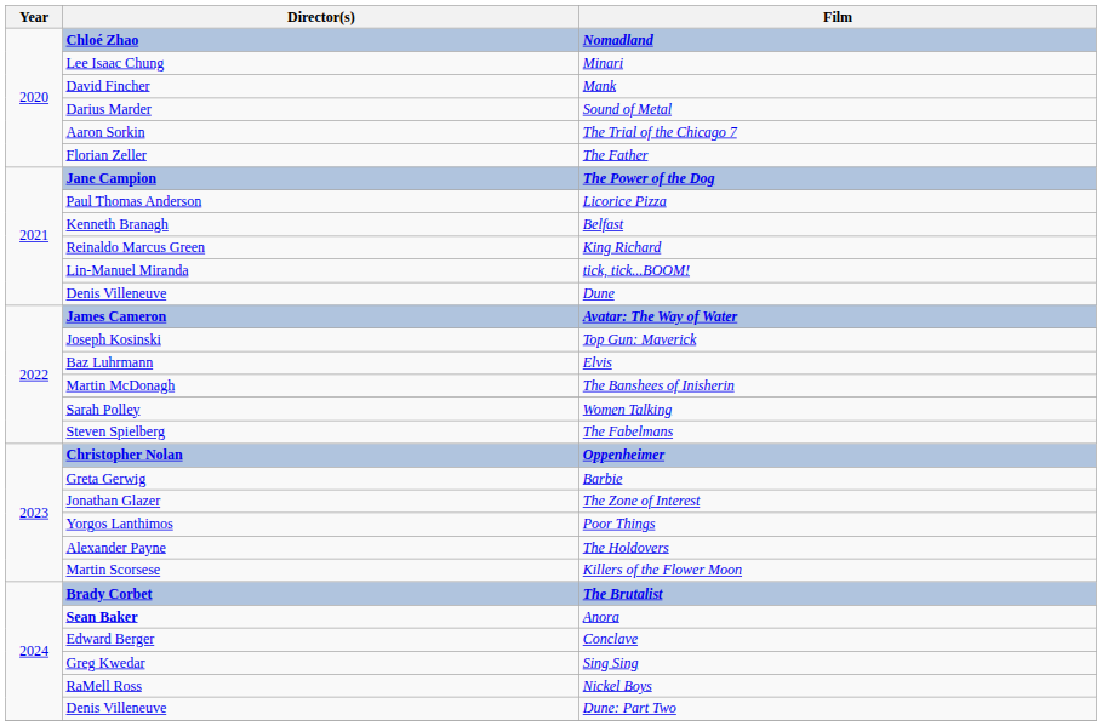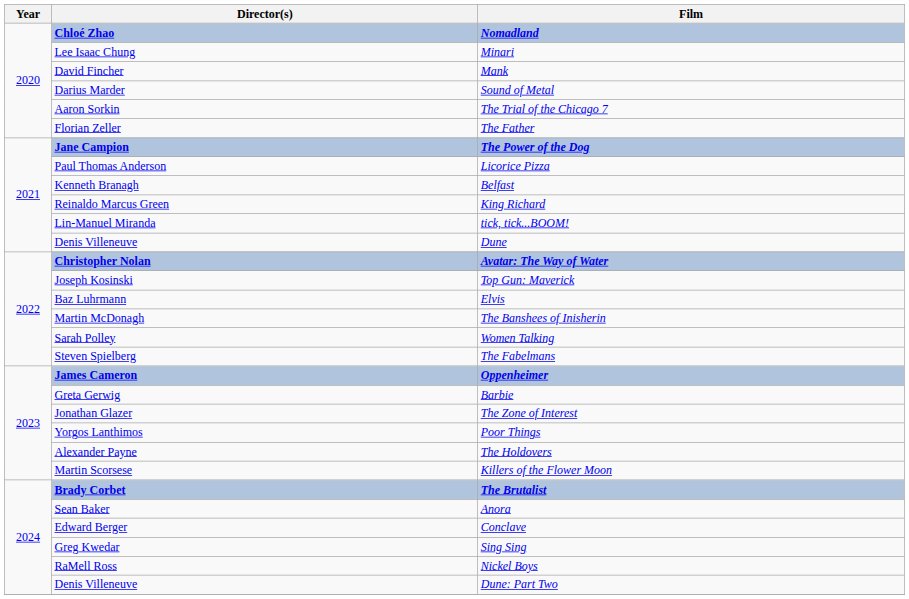 <table class="wikitable" style="width:95%;" cellpadding="5">
 <tr>
 <th style="width:5%;">Year</th>
 <th style="width:45%;">Director(s)</th>
 <th style="width:45%;">Film</th>
 </tr>
 <tr>
 <td rowspan="6" style="text-align:center;"><a href='#'>2020</a><br></td>
 <td style="background:#B0C4DE;"><strong><a href='#'>Chloé Zhao</a></strong></td>
 <td style="background:#B0C4DE;"><strong><em><a href='#'>Nomadland</a></em></strong></td>
 </tr>
 <tr>
 <td><a href='#'>Lee Isaac Chung</a></td>
 <td><em><a href='#'>Minari</a></em></td>
 </tr>
 <tr>
 <td><a href='#'>David Fincher</a></td>
 <td><em><a href='#'>Mank</a></em></td>
 </tr>
 <tr>
 <td><a href='#'>Darius Marder</a></td>
 <td><em><a href='#'>Sound of Metal</a></em></td>
 </tr>
 <tr>
 <td><a href='#'>Aaron Sorkin</a></td>
 <td><em><a href='#'>The Trial of the Chicago 7</a></em></td>
 </tr>
 <tr>
 <td><a href='#'>Florian Zeller</a></td>
 <td><em><a href='#'>The Father</a></em></td>
 </tr>
 <tr>
 <td rowspan="6" style="text-align:center;"><a href='#'>2021</a><br></td>
 <td style="background:#B0C4DE;"><strong><a href='#'>Jane Campion</a></strong></td>
 <td style="background:#B0C4DE;"><strong><em><a href='#'>The Power of the Dog</a></em></strong></td>
 </tr>
 <tr>
 <td><a href='#'>Paul Thomas Anderson</a></td>
 <td><em><a href='#'>Licorice Pizza</a></em></td>
 </tr>
 <tr>
 <td><a href='#'>Kenneth Branagh</a></td>
 <td><em><a href='#'>Belfast</a></em></td>
 </tr>
 <tr>
 <td><a href='#'>Reinaldo Marcus Green</a></td>
 <td><em><a href='#'>King Richard</a></em></td>
 </tr>
 <tr>
 <td><a href='#'>Lin-Manuel Miranda</a></td>
 <td><em><a href='#'>tick, tick...BOOM!</a></em></td>
 </tr>
 <tr>
 <td><a href='#'>Denis Villeneuve</a></td>
 <td><em><a href='#'>Dune</a></em></td>
 </tr>
 <tr>
 <td rowspan="6" style="text-align:center;"><a href='#'>2022</a><br></td>
-<td style="background:#B0C4DE;"><strong><a href='#'>James Cameron</a></strong></td>
+<td style="background:#B0C4DE;"><strong><a href='#'>Christopher Nolan</a></strong></td>
 <td style="background:#B0C4DE;"><strong><em><a href='#'>Avatar: The Way of Water</a></em></strong></td>
 </tr>
 <tr>
 <td><a href='#'>Joseph Kosinski</a></td>
 <td><em><a href='#'>Top Gun: Maverick</a></em></td>
 </tr>
 <tr>
 <td><a href='#'>Baz Luhrmann</a></td>
 <td><em><a href='#'>Elvis</a></em></td>
 </tr>
 <tr>
 <td><a href='#'>Martin McDonagh</a></td>
 <td><em><a href='#'>The Banshees of Inisherin</a></em></td>
 </tr>
 <tr>
 <td><a href='#'>Sarah Polley</a></td>
 <td><em><a href='#'>Women Talking</a></em></td>
 </tr>
 <tr>
 <td><a href='#'>Steven Spielberg</a></td>
 <td><em><a href='#'>The Fabelmans</a></em></td>
 </tr>
 <tr>
 <td rowspan="6" style="text-align:center;"><a href='#'>2023</a><br></td>
-<td style="background:#B0C4DE;"><strong><a href='#'>Christopher Nolan</a></strong></td>
+<td style="background:#B0C4DE;"><strong><a href='#'>James Cameron</a></strong></td>
 <td style="background:#B0C4DE;"><strong><em><a href='#'>Oppenheimer</a></em></strong></td>
 </tr>
 <tr>
 <td><a href='#'>Greta Gerwig</a></td>
 <td><em><a href='#'>Barbie</a></em></td>
 </tr>
 <tr>
 <td><a href='#'>Jonathan Glazer</a></td>
 <td><em><a href='#'>The Zone of Interest</a></em></td>
 </tr>
 <tr>
 <td><a href='#'>Yorgos Lanthimos</a></td>
 <td><em><a href='#'>Poor Things</a></em></td>
 </tr>
 <tr>
 <td><a href='#'>Alexander Payne</a></td>
 <td><em><a href='#'>The Holdovers</a></em></td>
 </tr>
 <tr>
 <td><a href='#'>Martin Scorsese</a></td>
 <td><em><a href='#'>Killers of the Flower Moon</a></em></td>
 </tr>
 <tr>
 <td rowspan="6" style="text-align:center;"><a href='#'>2024</a><br></td>
 <td style="background:#B0C4DE;"><strong><a href='#'>Brady Corbet</a></strong></td>
 <td style="background:#B0C4DE;"><strong><em><a href='#'>The Brutalist</a></em></strong></td>
 </tr>
 <tr>
-<td><strong><a href='#'>Sean Baker</a></strong></td>
+<td><a href='#'>Sean Baker</a></td>
 <td><em><a href='#'>Anora</a></em></td>
 </tr>
 <tr>
 <td><a href='#'>Edward Berger</a></td>
 <td><em><a href='#'>Conclave</a></em></td>
 </tr>
 <tr>
 <td><a href='#'>Greg Kwedar</a></td>
 <td><em><a href='#'>Sing Sing</a></em></td>
 </tr>
 <tr>
 <td><a href='#'>RaMell Ross</a></td>
 <td><em><a href='#'>Nickel Boys</a></em></td>
 </tr>
 <tr>
 <td><a href='#'>Denis Villeneuve</a></td>
 <td><em><a href='#'>Dune: Part Two</a></em></td>
 </tr>
 <tr>
 </tr>
 </table>
